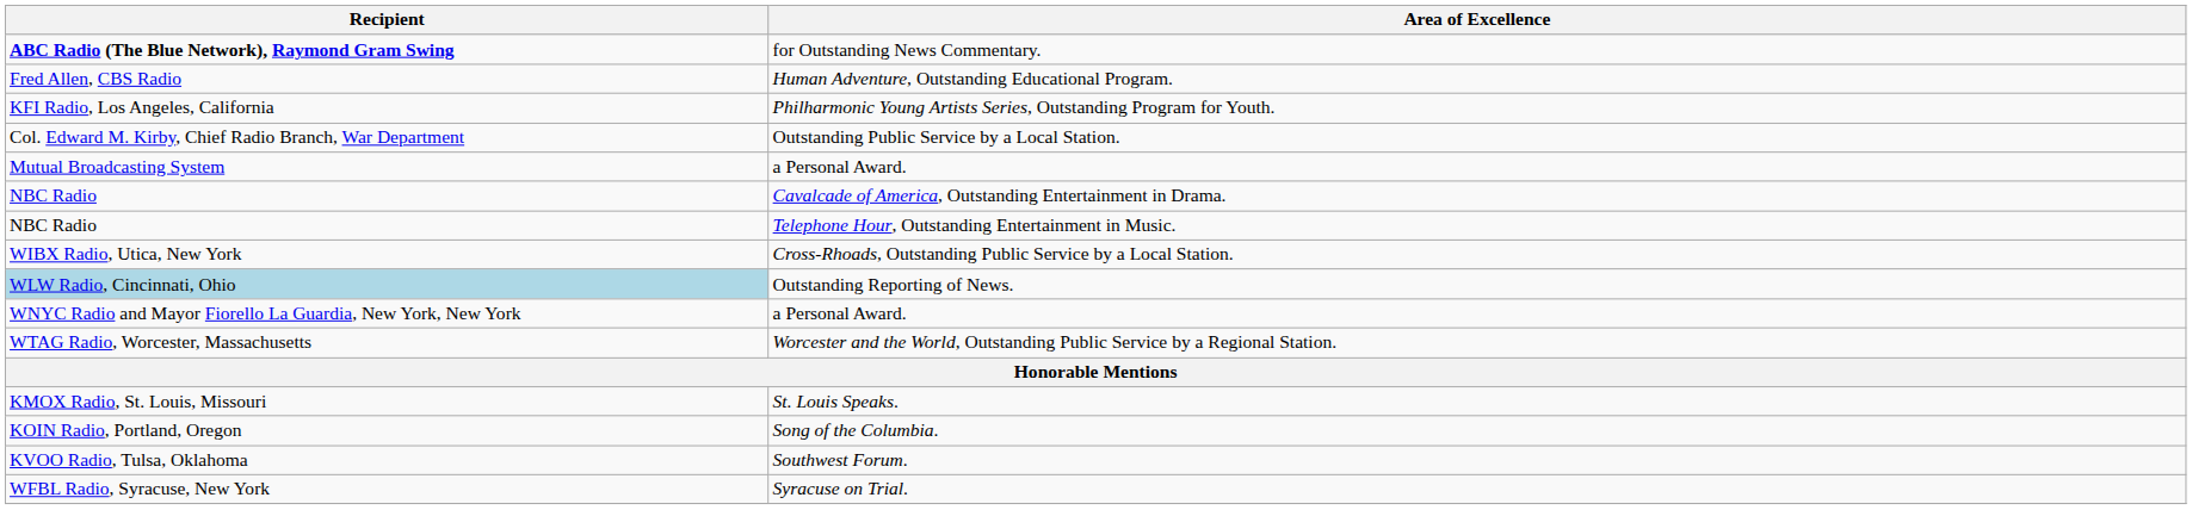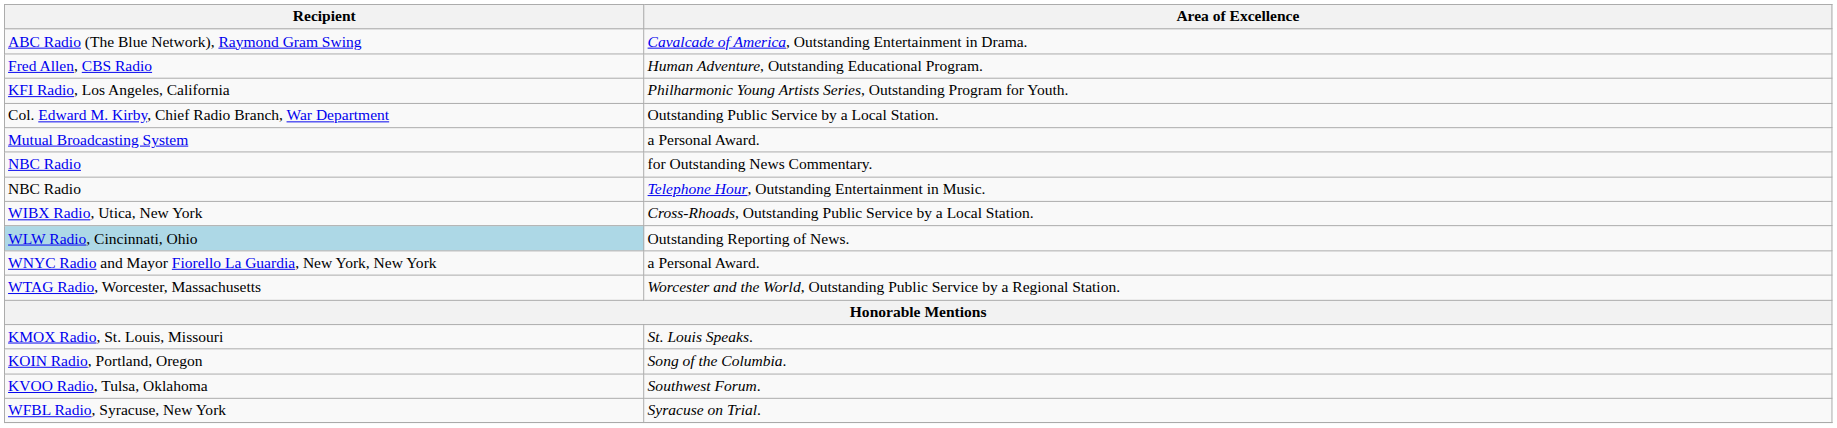 <table class="wikitable" width=95%>
 <tr bgcolor="#CCCCCC">
 <th width=35%>Recipient</th>
 <th width=65%>Area of Excellence</th>
 </tr>
 <tr>
-<td rowspan="1"><strong><a href='#'>ABC Radio</a> (The Blue Network), <a href='#'>Raymond Gram Swing</a></strong></td>
-<td>for Outstanding News Commentary.</td>
+<td rowspan="1"><a href='#'>ABC Radio</a> (The Blue Network), <a href='#'>Raymond Gram Swing</a></td>
+<td><em><a href='#'>Cavalcade of America</a></em>, Outstanding Entertainment in Drama.</td>
 </tr>
 <tr>
 <td rowspan="1"><a href='#'>Fred Allen</a>, <a href='#'>CBS Radio</a></td>
 <td><em>Human Adventure</em>, Outstanding Educational Program.</td>
 </tr>
 <tr>
 <td rowspan="1"><a href='#'>KFI Radio</a>, Los Angeles, California</td>
 <td><em>Philharmonic Young Artists Series</em>, Outstanding Program for Youth.</td>
 </tr>
 <tr>
 <td rowspan="1">Col. <a href='#'>Edward M. Kirby</a>, Chief Radio Branch, <a href='#'>War Department</a></td>
 <td>Outstanding Public Service by a Local Station.</td>
 </tr>
 <tr>
 <td rowspan="1"><a href='#'>Mutual Broadcasting System</a></td>
 <td>a Personal Award.</td>
 </tr>
 <tr>
 <td rowspan="1"><a href='#'>NBC Radio</a></td>
-<td><em><a href='#'>Cavalcade of America</a></em>, Outstanding Entertainment in Drama.</td>
+<td>for Outstanding News Commentary.</td>
 </tr>
 <tr>
 <td rowspan="1">NBC Radio</td>
 <td><em><a href='#'>Telephone Hour</a></em>, Outstanding Entertainment in Music.</td>
 </tr>
 <tr>
 <td rowspan="1"><a href='#'>WIBX Radio</a>, Utica, New York</td>
 <td><em>Cross-Rhoads</em>, Outstanding Public Service by a Local Station.</td>
 </tr>
 <tr>
 <td rowspan="1" style="background: lightblue;"><a href='#'>WLW Radio</a>, Cincinnati, Ohio</td>
 <td>Outstanding Reporting of News.</td>
 </tr>
 <tr>
 <td rowspan="1"><a href='#'>WNYC Radio</a> and Mayor <a href='#'>Fiorello La Guardia</a>, New York, New York</td>
 <td>a Personal Award.</td>
 </tr>
 <tr>
 <td rowspan="1"><a href='#'>WTAG Radio</a>, Worcester, Massachusetts</td>
 <td><em>Worcester and the World</em>, Outstanding Public Service by a Regional Station.</td>
 </tr>
 <tr>
 <th colspan="2">Honorable Mentions</th>
 </tr>
 <tr>
 <td rowspan="1"><a href='#'>KMOX Radio</a>, St. Louis, Missouri</td>
 <td><em>St. Louis Speaks</em>.</td>
 </tr>
 <tr>
 <td rowspan="1"><a href='#'>KOIN Radio</a>, Portland, Oregon</td>
 <td><em>Song of the Columbia</em>.</td>
 </tr>
 <tr>
 <td rowspan="1"><a href='#'>KVOO Radio</a>, Tulsa, Oklahoma</td>
 <td><em>Southwest Forum</em>.</td>
 </tr>
 <tr>
 <td rowspan="1"><a href='#'>WFBL Radio</a>, Syracuse, New York</td>
 <td><em>Syracuse on Trial</em>.</td>
 </tr>
 <tr>
 </tr>
 </table>
